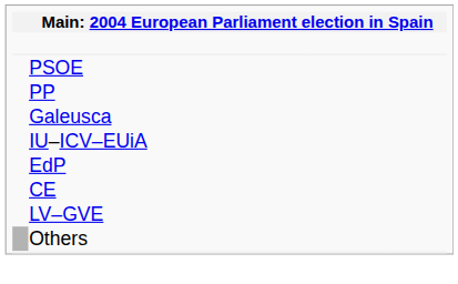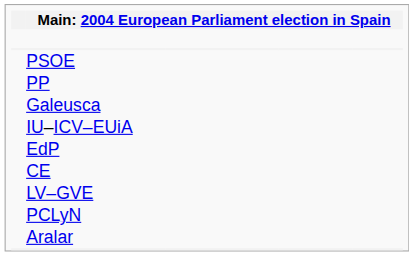 <table class="infobox vcard" cellspacing="0" style="width:23.0em; padding:0.3em; padding-bottom:0em">
 <tr>
 <td style="background:#F2F2F2; vertical-align:middle; padding:0.4em;" width="30px"></td>
 <th colspan="4" style="text-align:center; background:#F2F2F2; font-size:0.85em; width:100%; vertical-align:middle;">Main: <a href='#'>2004 European Parliament election in Spain</a></th>
 </tr>
 <tr>
 <td colspan="5" style="text-align:center; font-size:0.85em; padding:0.5em 0em;">  </td>
 </tr>
 <tr>
 <td colspan="5"></td>
 </tr>
 <tr>
 <td colspan="5"></td>
 </tr>
 <tr>
 <th colspan="2" style="background:#F2F2F2;"></th>
 <th style="background:#F2F2F2;"></th>
 <th style="background:#F2F2F2;"></th>
 <th style="background:#F2F2F2;"></th>
 </tr>
 <tr>
 <td style="background:"></td>
 <td><a href='#'>PSOE</a></td>
 <td></td>
 <td></td>
 <td></td>
 </tr>
 <tr>
 <td style="background:"></td>
 <td width="85px"><a href='#'>PP</a></td>
 <td width="70px"></td>
 <td width="45px"></td>
 <td width="30px"></td>
 </tr>
 <tr>
 <td style="background:"></td>
 <td><a href='#'>Galeusca</a></td>
 <td></td>
 <td></td>
 <td></td>
 </tr>
 <tr>
 <td style="background:"></td>
 <td><a href='#'>IU</a>–<a href='#'>ICV–EUiA</a></td>
 <td></td>
 <td></td>
 <td></td>
 </tr>
 <tr>
 <td style="background:"></td>
 <td><a href='#'>EdP</a></td>
 <td></td>
 <td></td>
 <td></td>
 </tr>
 <tr>
 <td style="background:"></td>
 <td><a href='#'>CE</a></td>
 <td></td>
 <td></td>
 <td></td>
 </tr>
 <tr>
 <td style="background:"></td>
 <td><a href='#'>LV–GVE</a></td>
 <td></td>
 <td></td>
 <td></td>
 </tr>
 <tr>
-<td style="background:#B3B3B3;"></td>
-<td align="left">Others</td>
+<td style="background:"></td>
+<td><a href='#'>PCLyN</a></td>
+<td></td>
+<td></td>
+<td></td>
+</tr>
+<tr>
+<td style="background:"></td>
+<td><a href='#'>Aralar</a></td>
 <td></td>
 <td></td>
 <td></td>
 </tr>
 <tr>
 <th colspan="2" style="background:#F2F2F2;"></th>
 <th style="background:#F2F2F2;"></th>
 <th style="background:#F2F2F2;"></th>
 <th style="background:#F2F2F2;"></th>
 </tr>
 </table>
